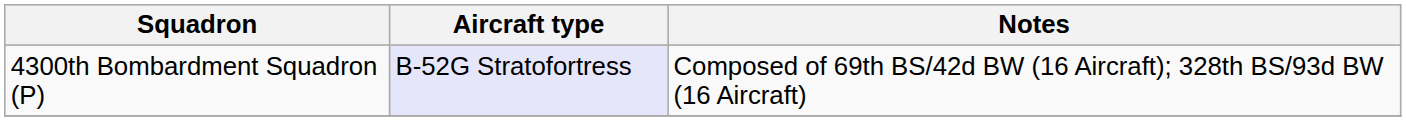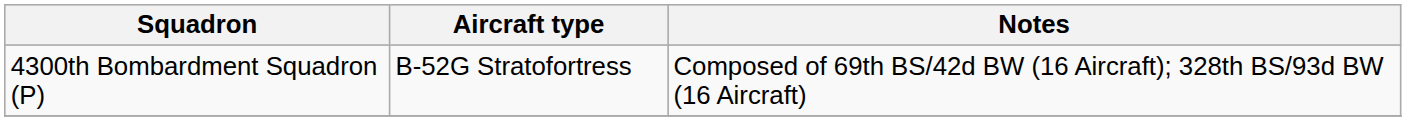 <table class="wikitable">
 <tr>
 <th scope="col" width="250">Squadron</th>
 <th scope="col" width="175">Aircraft type</th>
 <th scope="col" width="500">Notes</th>
 </tr>
 <tr valign="top">
 <td>4300th Bombardment Squadron (P)</td>
-<td style="background: lavender;">B-52G Stratofortress</td>
+<td>B-52G Stratofortress</td>
 <td>Composed of 69th BS/42d BW (16 Aircraft); 328th BS/93d BW (16 Aircraft)</td>
 </tr>
 <tr>
 </tr>
 <tr>
 </tr>
 </table>
